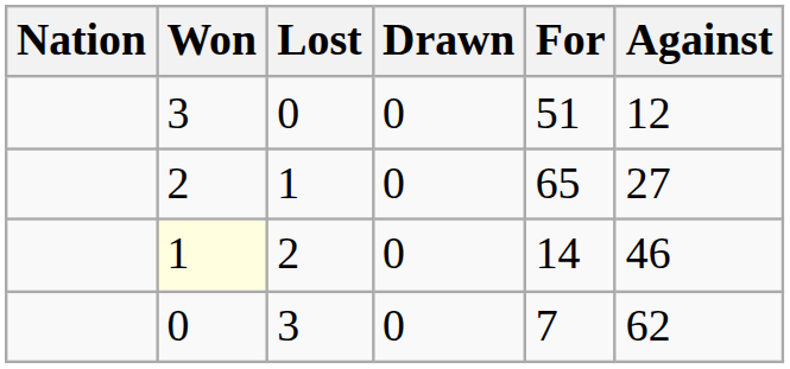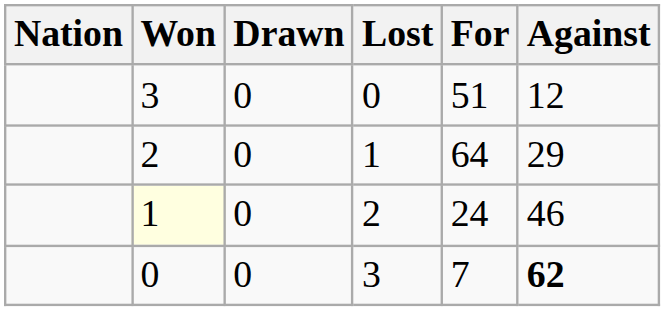 <table class="wikitable">
 <tr>
 <th>Nation</th>
 <th>Won</th>
+<th>Drawn</th>
 <th>Lost</th>
-<th>Drawn</th>
 <th>For</th>
 <th>Against</th>
 </tr>
 <tr>
 <td></td>
 <td>3</td>
 <td>0</td>
 <td>0</td>
 <td>51</td>
 <td>12</td>
 </tr>
 <tr>
 <td></td>
 <td>2</td>
+<td>0</td>
 <td>1</td>
-<td>0</td>
-<td>65</td>
-<td>27</td>
+<td>64</td>
+<td>29</td>
 </tr>
 <tr>
 <td></td>
 <td style="background: lightyellow;">1</td>
+<td>0</td>
 <td>2</td>
-<td>0</td>
-<td>14</td>
+<td>24</td>
 <td>46</td>
 </tr>
 <tr>
 <td></td>
 <td>0</td>
+<td>0</td>
 <td>3</td>
-<td>0</td>
 <td>7</td>
-<td>62</td>
+<td><strong>62</strong></td>
 </tr>
 </table>
